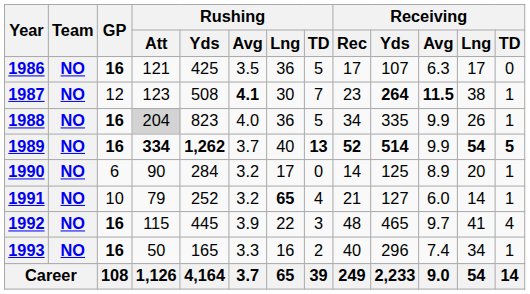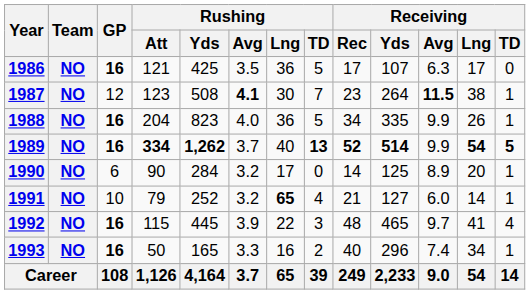 <table class="wikitable" style="text-align: center;">
 <tr>
 <th rowspan="2">Year</th>
 <th rowspan="2">Team</th>
 <th rowspan="2">GP</th>
 <th colspan="5">Rushing</th>
 <th colspan="5">Receiving</th>
 </tr>
 <tr>
 <th>Att</th>
 <th>Yds</th>
 <th>Avg</th>
 <th>Lng</th>
 <th>TD</th>
 <th>Rec</th>
 <th>Yds</th>
 <th>Avg</th>
 <th>Lng</th>
 <th>TD</th>
 </tr>
 <tr>
 <th><a href='#'>1986</a></th>
 <th><a href='#'>NO</a></th>
 <td><strong>16</strong></td>
 <td>121</td>
 <td>425</td>
 <td>3.5</td>
 <td>36</td>
 <td>5</td>
 <td>17</td>
 <td>107</td>
 <td>6.3</td>
 <td>17</td>
 <td>0</td>
 </tr>
 <tr>
 <th><a href='#'>1987</a></th>
 <th><a href='#'>NO</a></th>
 <td>12</td>
 <td>123</td>
 <td>508</td>
 <td><strong>4.1</strong></td>
 <td>30</td>
 <td>7</td>
 <td>23</td>
-<td><strong>264</strong></td>
+<td>264</td>
 <td><strong>11.5</strong></td>
 <td>38</td>
 <td>1</td>
 </tr>
 <tr>
 <th><a href='#'>1988</a></th>
 <th><a href='#'>NO</a></th>
 <td><strong>16</strong></td>
-<td style="background: lightgrey;">204</td>
+<td>204</td>
 <td>823</td>
 <td>4.0</td>
 <td>36</td>
 <td>5</td>
 <td>34</td>
 <td>335</td>
 <td>9.9</td>
 <td>26</td>
 <td>1</td>
 </tr>
 <tr>
 <th><a href='#'>1989</a></th>
 <th><a href='#'>NO</a></th>
 <td><strong>16</strong></td>
 <td><strong>334</strong></td>
 <td><strong>1,262</strong></td>
 <td>3.7</td>
 <td>40</td>
 <td><strong>13</strong></td>
 <td><strong>52</strong></td>
 <td><strong>514</strong></td>
 <td>9.9</td>
 <td><strong>54</strong></td>
 <td><strong>5</strong></td>
 </tr>
 <tr>
 <th><a href='#'>1990</a></th>
 <th><a href='#'>NO</a></th>
 <td>6</td>
 <td>90</td>
 <td>284</td>
 <td>3.2</td>
 <td>17</td>
 <td>0</td>
 <td>14</td>
 <td>125</td>
 <td>8.9</td>
 <td>20</td>
 <td>1</td>
 </tr>
 <tr>
 <th><a href='#'>1991</a></th>
 <th><a href='#'>NO</a></th>
 <td>10</td>
 <td>79</td>
 <td>252</td>
 <td>3.2</td>
 <td><strong>65</strong></td>
 <td>4</td>
 <td>21</td>
 <td>127</td>
 <td>6.0</td>
 <td>14</td>
 <td>1</td>
 </tr>
 <tr>
 <th><a href='#'>1992</a></th>
 <th><a href='#'>NO</a></th>
 <td><strong>16</strong></td>
 <td>115</td>
 <td>445</td>
 <td>3.9</td>
 <td>22</td>
 <td>3</td>
 <td>48</td>
 <td>465</td>
 <td>9.7</td>
 <td>41</td>
 <td>4</td>
 </tr>
 <tr>
 <th><a href='#'>1993</a></th>
 <th><a href='#'>NO</a></th>
 <td><strong>16</strong></td>
 <td>50</td>
 <td>165</td>
 <td>3.3</td>
 <td>16</td>
 <td>2</td>
 <td>40</td>
 <td>296</td>
 <td>7.4</td>
 <td>34</td>
 <td>1</td>
 </tr>
 <tr>
 <th colspan="2">Career</th>
 <th>108</th>
 <th>1,126</th>
 <th>4,164</th>
 <th>3.7</th>
 <th>65</th>
 <th>39</th>
 <th>249</th>
 <th>2,233</th>
 <th>9.0</th>
 <th>54</th>
 <th>14</th>
 </tr>
 </table>
